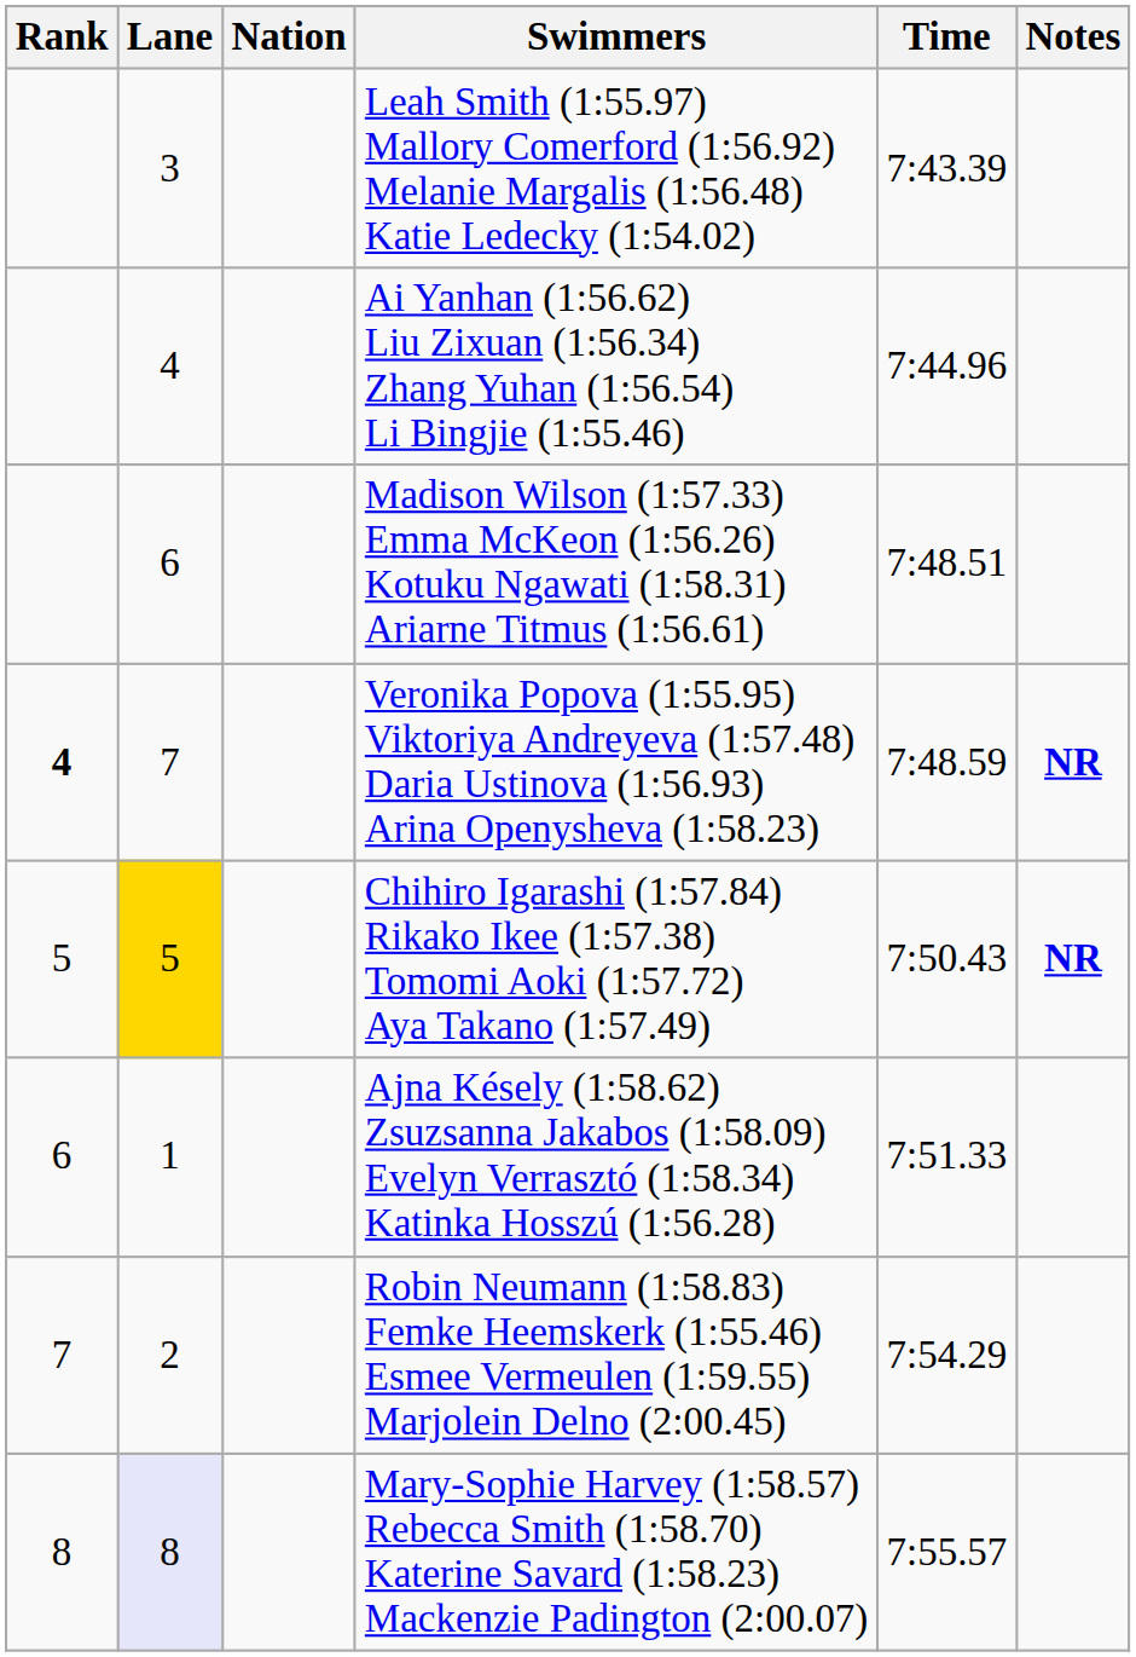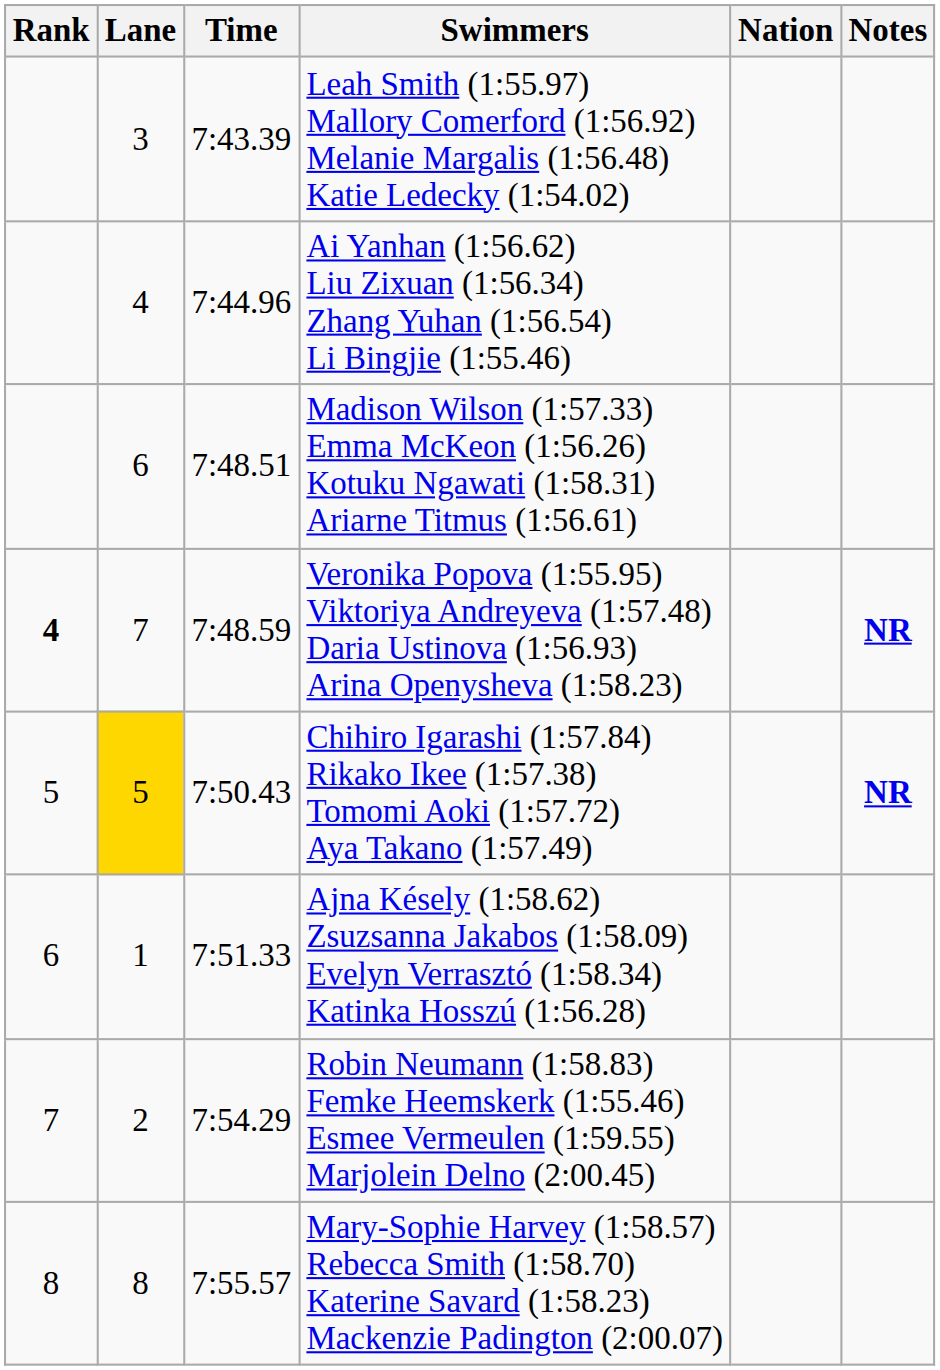 <table class="wikitable sortable" style="text-align:center">
 <tr>
 <th>Rank</th>
 <th>Lane</th>
+<th>Time</th>
+<th>Swimmers</th>
 <th>Nation</th>
-<th>Swimmers</th>
-<th>Time</th>
 <th>Notes</th>
 </tr>
 <tr>
 <td></td>
 <td>3</td>
+<td>7:43.39</td>
+<td align=left><a href='#'>Leah Smith</a> (1:55.97)<br><a href='#'>Mallory Comerford</a> (1:56.92)<br><a href='#'>Melanie Margalis</a> (1:56.48)<br><a href='#'>Katie Ledecky</a> (1:54.02)</td>
 <td align=left></td>
-<td align=left><a href='#'>Leah Smith</a> (1:55.97)<br><a href='#'>Mallory Comerford</a> (1:56.92)<br><a href='#'>Melanie Margalis</a> (1:56.48)<br><a href='#'>Katie Ledecky</a> (1:54.02)</td>
-<td>7:43.39</td>
 <td></td>
 </tr>
 <tr>
 <td></td>
 <td>4</td>
+<td>7:44.96</td>
+<td align=left><a href='#'>Ai Yanhan</a> (1:56.62)<br><a href='#'>Liu Zixuan</a> (1:56.34)<br><a href='#'>Zhang Yuhan</a> (1:56.54)<br><a href='#'>Li Bingjie</a> (1:55.46)</td>
 <td align=left></td>
-<td align=left><a href='#'>Ai Yanhan</a> (1:56.62)<br><a href='#'>Liu Zixuan</a> (1:56.34)<br><a href='#'>Zhang Yuhan</a> (1:56.54)<br><a href='#'>Li Bingjie</a> (1:55.46)</td>
-<td>7:44.96</td>
 <td></td>
 </tr>
 <tr>
 <td></td>
 <td>6</td>
+<td>7:48.51</td>
+<td align=left><a href='#'>Madison Wilson</a> (1:57.33)<br><a href='#'>Emma McKeon</a> (1:56.26)<br><a href='#'>Kotuku Ngawati</a> (1:58.31)<br><a href='#'>Ariarne Titmus</a> (1:56.61)</td>
 <td align=left></td>
-<td align=left><a href='#'>Madison Wilson</a> (1:57.33)<br><a href='#'>Emma McKeon</a> (1:56.26)<br><a href='#'>Kotuku Ngawati</a> (1:58.31)<br><a href='#'>Ariarne Titmus</a> (1:56.61)</td>
-<td>7:48.51</td>
 <td></td>
 </tr>
 <tr>
 <td><strong>4</strong></td>
 <td>7</td>
+<td>7:48.59</td>
+<td align=left><a href='#'>Veronika Popova</a> (1:55.95)<br><a href='#'>Viktoriya Andreyeva</a> (1:57.48)<br><a href='#'>Daria Ustinova</a> (1:56.93)<br><a href='#'>Arina Openysheva</a> (1:58.23)</td>
 <td align=left></td>
-<td align=left><a href='#'>Veronika Popova</a> (1:55.95)<br><a href='#'>Viktoriya Andreyeva</a> (1:57.48)<br><a href='#'>Daria Ustinova</a> (1:56.93)<br><a href='#'>Arina Openysheva</a> (1:58.23)</td>
-<td>7:48.59</td>
 <td><strong><a href='#'>NR</a></strong></td>
 </tr>
 <tr>
 <td>5</td>
 <td style="background: gold;">5</td>
+<td>7:50.43</td>
+<td align=left><a href='#'>Chihiro Igarashi</a> (1:57.84)<br><a href='#'>Rikako Ikee</a> (1:57.38)<br><a href='#'>Tomomi Aoki</a> (1:57.72)<br><a href='#'>Aya Takano</a> (1:57.49)</td>
 <td align=left></td>
-<td align=left><a href='#'>Chihiro Igarashi</a> (1:57.84)<br><a href='#'>Rikako Ikee</a> (1:57.38)<br><a href='#'>Tomomi Aoki</a> (1:57.72)<br><a href='#'>Aya Takano</a> (1:57.49)</td>
-<td>7:50.43</td>
 <td><strong><a href='#'>NR</a></strong></td>
 </tr>
 <tr>
 <td>6</td>
 <td>1</td>
+<td>7:51.33</td>
+<td align=left><a href='#'>Ajna Késely</a> (1:58.62)<br><a href='#'>Zsuzsanna Jakabos</a> (1:58.09)<br><a href='#'>Evelyn Verrasztó</a> (1:58.34)<br><a href='#'>Katinka Hosszú</a> (1:56.28)</td>
 <td align=left></td>
-<td align=left><a href='#'>Ajna Késely</a> (1:58.62)<br><a href='#'>Zsuzsanna Jakabos</a> (1:58.09)<br><a href='#'>Evelyn Verrasztó</a> (1:58.34)<br><a href='#'>Katinka Hosszú</a> (1:56.28)</td>
-<td>7:51.33</td>
 <td></td>
 </tr>
 <tr>
 <td>7</td>
 <td>2</td>
+<td>7:54.29</td>
+<td align=left><a href='#'>Robin Neumann</a> (1:58.83)<br><a href='#'>Femke Heemskerk</a> (1:55.46)<br><a href='#'>Esmee Vermeulen</a> (1:59.55)<br><a href='#'>Marjolein Delno</a> (2:00.45)</td>
 <td align=left></td>
-<td align=left><a href='#'>Robin Neumann</a> (1:58.83)<br><a href='#'>Femke Heemskerk</a> (1:55.46)<br><a href='#'>Esmee Vermeulen</a> (1:59.55)<br><a href='#'>Marjolein Delno</a> (2:00.45)</td>
-<td>7:54.29</td>
 <td></td>
 </tr>
 <tr>
 <td>8</td>
-<td style="background: lavender;">8</td>
+<td>8</td>
+<td>7:55.57</td>
+<td align=left><a href='#'>Mary-Sophie Harvey</a> (1:58.57)<br><a href='#'>Rebecca Smith</a> (1:58.70)<br><a href='#'>Katerine Savard</a> (1:58.23)<br><a href='#'>Mackenzie Padington</a> (2:00.07)</td>
 <td align=left></td>
-<td align=left><a href='#'>Mary-Sophie Harvey</a> (1:58.57)<br><a href='#'>Rebecca Smith</a> (1:58.70)<br><a href='#'>Katerine Savard</a> (1:58.23)<br><a href='#'>Mackenzie Padington</a> (2:00.07)</td>
-<td>7:55.57</td>
 <td></td>
 </tr>
 </table>
